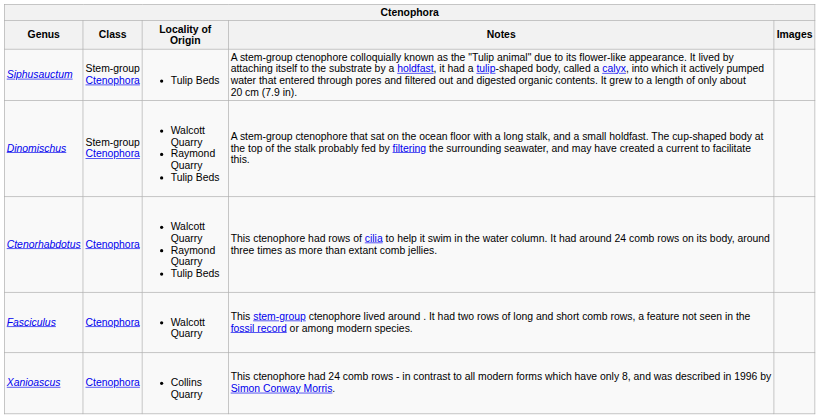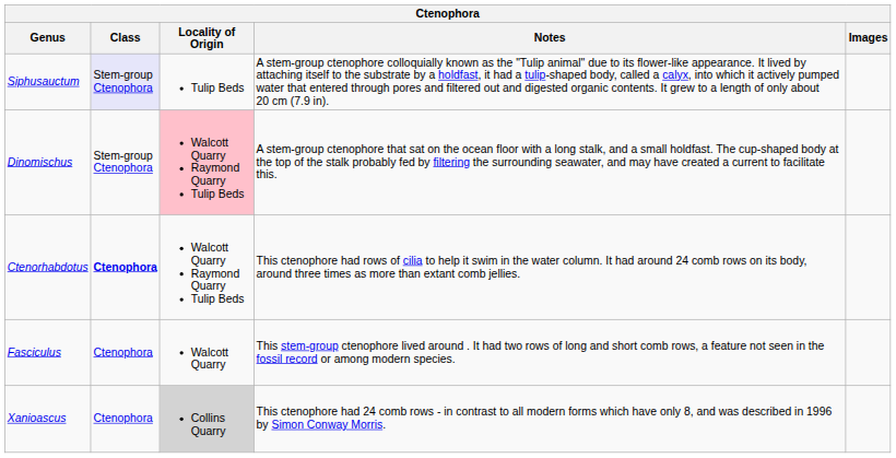 <table class="wikitable sortable mw-collapsible">
 <tr>
 <th colspan="6" align="center">Ctenophora</th>
 </tr>
 <tr>
 <th>Genus</th>
 <th>Class</th>
 <th>Locality of Origin</th>
 <th>Notes</th>
 <th>Images</th>
 </tr>
 <tr>
 <td><em><a href='#'>Siphusauctum</a></em></td>
-<td>Stem-group<br><a href='#'>Ctenophora</a></td>
+<td style="background: lavender;">Stem-group<br><a href='#'>Ctenophora</a></td>
 <td><br><ul><li>Tulip Beds</li></ul></td>
 <td>A stem-group ctenophore colloquially known as the "Tulip animal" due to its flower-like appearance. It lived by attaching itself to the substrate by a <a href='#'>holdfast</a>, it had a <a href='#'>tulip</a>-shaped body, called a <a href='#'>calyx</a>, into which it actively pumped water that entered through pores and filtered out and digested organic contents. It grew to a length of only about 20 cm (7.9 in).</td>
 <td></td>
 </tr>
 <tr>
 <td><em><a href='#'>Dinomischus</a></em></td>
 <td>Stem-group<br><a href='#'>Ctenophora</a></td>
-<td><br><ul><li>Walcott Quarry</li><li>Raymond Quarry</li><li>Tulip Beds</li></ul></td>
+<td style="background: pink;"><br><ul><li>Walcott Quarry</li><li>Raymond Quarry</li><li>Tulip Beds</li></ul></td>
 <td>A stem-group ctenophore that sat on the ocean floor with a long stalk, and a small holdfast. The cup-shaped body at the top of the stalk probably fed by <a href='#'>filtering</a> the surrounding seawater, and may have created a current to facilitate this.</td>
 <td></td>
 </tr>
 <tr>
 <td><em><a href='#'>Ctenorhabdotus</a></em></td>
-<td><a href='#'>Ctenophora</a></td>
+<td><strong><a href='#'>Ctenophora</a></strong></td>
 <td><br><ul><li>Walcott Quarry</li><li>Raymond Quarry</li><li>Tulip Beds</li></ul></td>
 <td>This ctenophore had rows of <a href='#'>cilia</a> to help it swim in the water column. It had around 24 comb rows on its body, around three times as more than extant comb jellies.</td>
 <td></td>
 </tr>
 <tr>
 <td><em><a href='#'>Fasciculus</a></em></td>
 <td><a href='#'>Ctenophora</a></td>
 <td><br><ul><li>Walcott Quarry</li></ul></td>
 <td>This <a href='#'>stem-group</a> ctenophore lived around . It had two rows of long and short comb rows, a feature not seen in the <a href='#'>fossil record</a> or among modern species.</td>
 <td></td>
 </tr>
 <tr>
 <td><em><a href='#'>Xanioascus</a></em></td>
 <td><a href='#'>Ctenophora</a></td>
-<td><br><ul><li>Collins Quarry</li></ul></td>
+<td style="background: lightgrey;"><br><ul><li>Collins Quarry</li></ul></td>
 <td>This ctenophore had 24 comb rows - in contrast to all modern forms which have only 8, and was described in 1996 by <a href='#'>Simon Conway Morris</a>.</td>
 <td></td>
 </tr>
 </table>
